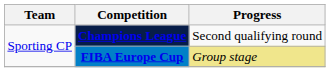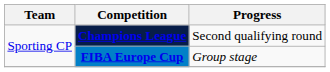 <table class="wikitable sortable">
 <tr>
 <th>Team</th>
 <th>Competition</th>
 <th>Progress</th>
 </tr>
 <tr>
 <td rowspan=2><a href='#'>Sporting CP</a></td>
 <td style="background-color:#071D49;color:#D0D3D4;text-align:center"><strong><a href='#'><span>Champions League</span></a></strong></td>
 <td>Second qualifying round</td>
 </tr>
 <tr>
 <td style="background-color:#0080C8;color:white;text-align:center"><strong><a href='#'><span>FIBA Europe Cup</span></a></strong></td>
-<td style="background: khaki;"><em>Group stage</em></td>
+<td><em>Group stage</em></td>
 </tr>
 <tr>
 </tr>
 </table>
